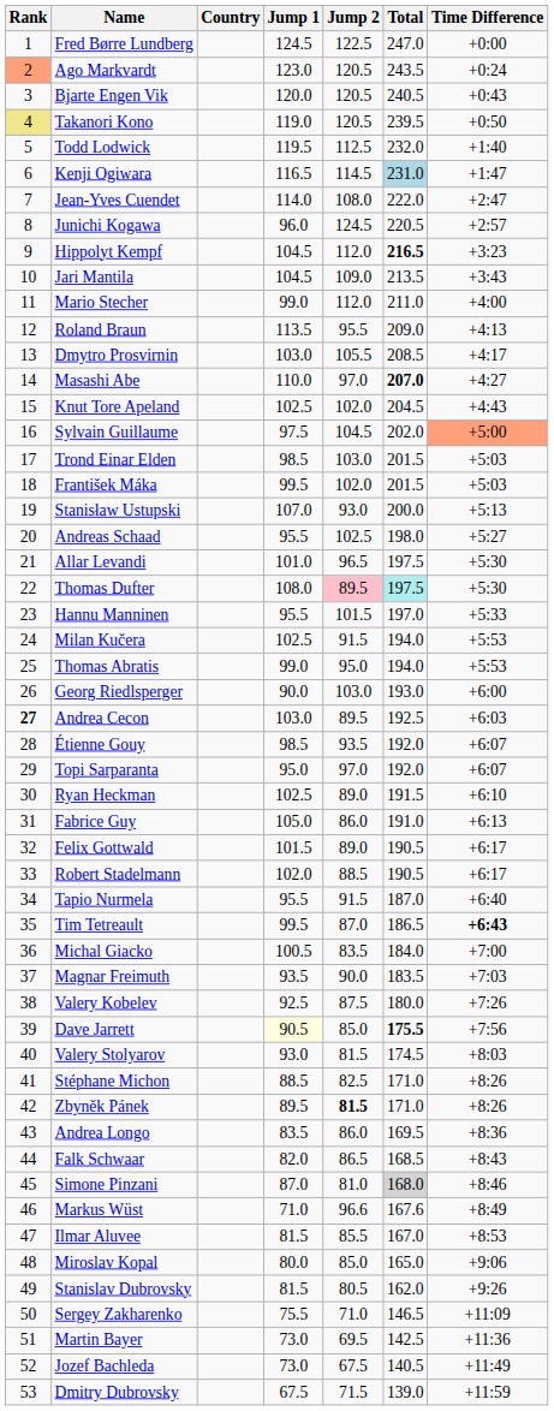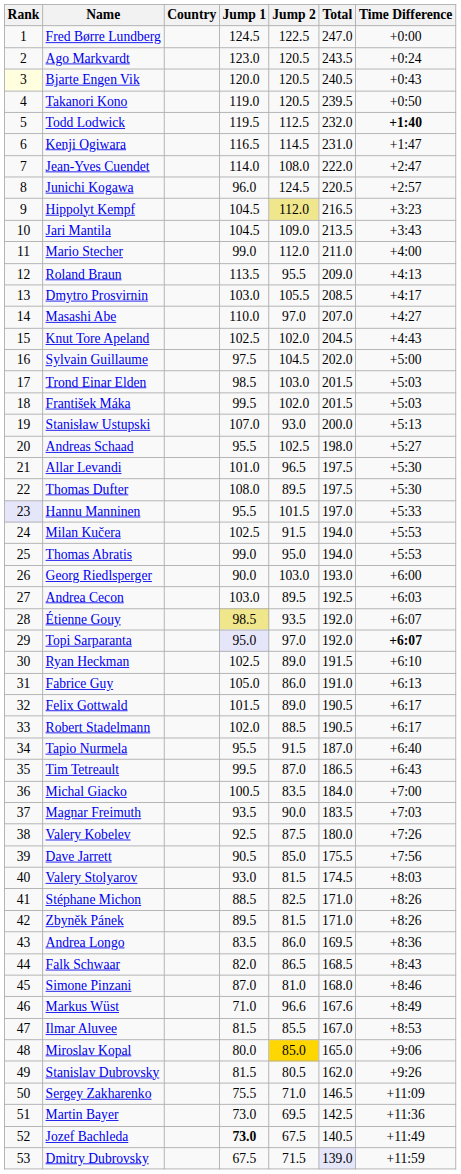 <table class="wikitable sortable" style="text-align:center">
 <tr>
 <th>Rank</th>
 <th>Name</th>
 <th>Country</th>
 <th>Jump 1</th>
 <th>Jump 2</th>
 <th>Total</th>
 <th>Time Difference</th>
 </tr>
 <tr>
 <td>1</td>
 <td align=left><a href='#'>Fred Børre Lundberg</a></td>
 <td align=left></td>
 <td>124.5</td>
 <td>122.5</td>
 <td>247.0</td>
 <td>+0:00</td>
 </tr>
 <tr>
-<td style="background: lightsalmon;">2</td>
+<td>2</td>
 <td align=left><a href='#'>Ago Markvardt</a></td>
 <td align=left></td>
 <td>123.0</td>
 <td>120.5</td>
 <td>243.5</td>
 <td>+0:24</td>
 </tr>
 <tr>
-<td>3</td>
+<td style="background: lightyellow;">3</td>
 <td align=left><a href='#'>Bjarte Engen Vik</a></td>
 <td align=left></td>
 <td>120.0</td>
 <td>120.5</td>
 <td>240.5</td>
 <td>+0:43</td>
 </tr>
 <tr>
-<td style="background: khaki;">4</td>
+<td>4</td>
 <td align=left><a href='#'>Takanori Kono</a></td>
 <td align=left></td>
 <td>119.0</td>
 <td>120.5</td>
 <td>239.5</td>
 <td>+0:50</td>
 </tr>
 <tr>
 <td>5</td>
 <td align=left><a href='#'>Todd Lodwick</a></td>
 <td align=left></td>
 <td>119.5</td>
 <td>112.5</td>
 <td>232.0</td>
-<td>+1:40</td>
+<td><strong>+1:40</strong></td>
 </tr>
 <tr>
 <td>6</td>
 <td align=left><a href='#'>Kenji Ogiwara</a></td>
 <td align=left></td>
 <td>116.5</td>
 <td>114.5</td>
-<td style="background: lightblue;">231.0</td>
+<td>231.0</td>
 <td>+1:47</td>
 </tr>
 <tr>
 <td>7</td>
 <td align=left><a href='#'>Jean-Yves Cuendet</a></td>
 <td align=left></td>
 <td>114.0</td>
 <td>108.0</td>
 <td>222.0</td>
 <td>+2:47</td>
 </tr>
 <tr>
 <td>8</td>
 <td align=left><a href='#'>Junichi Kogawa</a></td>
 <td align=left></td>
 <td>96.0</td>
 <td>124.5</td>
 <td>220.5</td>
 <td>+2:57</td>
 </tr>
 <tr>
 <td>9</td>
 <td align=left><a href='#'>Hippolyt Kempf</a></td>
 <td align=left></td>
 <td>104.5</td>
-<td>112.0</td>
-<td><strong>216.5</strong></td>
+<td style="background: khaki;">112.0</td>
+<td>216.5</td>
 <td>+3:23</td>
 </tr>
 <tr>
 <td>10</td>
 <td align=left><a href='#'>Jari Mantila</a></td>
 <td align=left></td>
 <td>104.5</td>
 <td>109.0</td>
 <td>213.5</td>
 <td>+3:43</td>
 </tr>
 <tr>
 <td>11</td>
 <td align=left><a href='#'>Mario Stecher</a></td>
 <td align=left></td>
 <td>99.0</td>
 <td>112.0</td>
 <td>211.0</td>
 <td>+4:00</td>
 </tr>
 <tr>
 <td>12</td>
 <td align=left><a href='#'>Roland Braun</a></td>
 <td align=left></td>
 <td>113.5</td>
 <td>95.5</td>
 <td>209.0</td>
 <td>+4:13</td>
 </tr>
 <tr>
 <td>13</td>
 <td align=left><a href='#'>Dmytro Prosvirnin</a></td>
 <td align=left></td>
 <td>103.0</td>
 <td>105.5</td>
 <td>208.5</td>
 <td>+4:17</td>
 </tr>
 <tr>
 <td>14</td>
 <td align=left><a href='#'>Masashi Abe</a></td>
 <td align=left></td>
 <td>110.0</td>
 <td>97.0</td>
-<td><strong>207.0</strong></td>
+<td>207.0</td>
 <td>+4:27</td>
 </tr>
 <tr>
 <td>15</td>
 <td align=left><a href='#'>Knut Tore Apeland</a></td>
 <td align=left></td>
 <td>102.5</td>
 <td>102.0</td>
 <td>204.5</td>
 <td>+4:43</td>
 </tr>
 <tr>
 <td>16</td>
 <td align=left><a href='#'>Sylvain Guillaume</a></td>
 <td align=left></td>
 <td>97.5</td>
 <td>104.5</td>
 <td>202.0</td>
-<td style="background: lightsalmon;">+5:00</td>
+<td>+5:00</td>
 </tr>
 <tr>
 <td>17</td>
 <td align=left><a href='#'>Trond Einar Elden</a></td>
 <td align=left></td>
 <td>98.5</td>
 <td>103.0</td>
 <td>201.5</td>
 <td>+5:03</td>
 </tr>
 <tr>
 <td>18</td>
 <td align=left><a href='#'>František Máka</a></td>
 <td align=left></td>
 <td>99.5</td>
 <td>102.0</td>
 <td>201.5</td>
 <td>+5:03</td>
 </tr>
 <tr>
 <td>19</td>
 <td align=left><a href='#'>Stanisław Ustupski</a></td>
 <td align=left></td>
 <td>107.0</td>
 <td>93.0</td>
 <td>200.0</td>
 <td>+5:13</td>
 </tr>
 <tr>
 <td>20</td>
 <td align=left><a href='#'>Andreas Schaad</a></td>
 <td align=left></td>
 <td>95.5</td>
 <td>102.5</td>
 <td>198.0</td>
 <td>+5:27</td>
 </tr>
 <tr>
 <td>21</td>
 <td align=left><a href='#'>Allar Levandi</a></td>
 <td align=left></td>
 <td>101.0</td>
 <td>96.5</td>
 <td>197.5</td>
 <td>+5:30</td>
 </tr>
 <tr>
 <td>22</td>
 <td align=left><a href='#'>Thomas Dufter</a></td>
 <td align=left></td>
 <td>108.0</td>
-<td style="background: pink;">89.5</td>
-<td style="background: paleturquoise;">197.5</td>
+<td>89.5</td>
+<td>197.5</td>
 <td>+5:30</td>
 </tr>
 <tr>
-<td>23</td>
+<td style="background: lavender;">23</td>
 <td align=left><a href='#'>Hannu Manninen</a></td>
 <td align=left></td>
 <td>95.5</td>
 <td>101.5</td>
 <td>197.0</td>
 <td>+5:33</td>
 </tr>
 <tr>
 <td>24</td>
 <td align=left><a href='#'>Milan Kučera</a></td>
 <td align=left></td>
 <td>102.5</td>
 <td>91.5</td>
 <td>194.0</td>
 <td>+5:53</td>
 </tr>
 <tr>
 <td>25</td>
 <td align=left><a href='#'>Thomas Abratis</a></td>
 <td align=left></td>
 <td>99.0</td>
 <td>95.0</td>
 <td>194.0</td>
 <td>+5:53</td>
 </tr>
 <tr>
 <td>26</td>
 <td align=left><a href='#'>Georg Riedlsperger</a></td>
 <td align=left></td>
 <td>90.0</td>
 <td>103.0</td>
 <td>193.0</td>
 <td>+6:00</td>
 </tr>
 <tr>
-<td><strong>27</strong></td>
+<td>27</td>
 <td align=left><a href='#'>Andrea Cecon</a></td>
 <td align=left></td>
 <td>103.0</td>
 <td>89.5</td>
 <td>192.5</td>
 <td>+6:03</td>
 </tr>
 <tr>
 <td>28</td>
 <td align=left><a href='#'>Étienne Gouy</a></td>
 <td align=left></td>
-<td>98.5</td>
+<td style="background: khaki;">98.5</td>
 <td>93.5</td>
 <td>192.0</td>
 <td>+6:07</td>
 </tr>
 <tr>
 <td>29</td>
 <td align=left><a href='#'>Topi Sarparanta</a></td>
 <td align=left></td>
-<td>95.0</td>
+<td style="background: lavender;">95.0</td>
 <td>97.0</td>
 <td>192.0</td>
-<td>+6:07</td>
+<td><strong>+6:07</strong></td>
 </tr>
 <tr>
 <td>30</td>
 <td align=left><a href='#'>Ryan Heckman</a></td>
 <td align=left></td>
 <td>102.5</td>
 <td>89.0</td>
 <td>191.5</td>
 <td>+6:10</td>
 </tr>
 <tr>
 <td>31</td>
 <td align=left><a href='#'>Fabrice Guy</a></td>
 <td align=left></td>
 <td>105.0</td>
 <td>86.0</td>
 <td>191.0</td>
 <td>+6:13</td>
 </tr>
 <tr>
 <td>32</td>
 <td align=left><a href='#'>Felix Gottwald</a></td>
 <td align=left></td>
 <td>101.5</td>
 <td>89.0</td>
 <td>190.5</td>
 <td>+6:17</td>
 </tr>
 <tr>
 <td>33</td>
 <td align=left><a href='#'>Robert Stadelmann</a></td>
 <td align=left></td>
 <td>102.0</td>
 <td>88.5</td>
 <td>190.5</td>
 <td>+6:17</td>
 </tr>
 <tr>
 <td>34</td>
 <td align=left><a href='#'>Tapio Nurmela</a></td>
 <td align=left></td>
 <td>95.5</td>
 <td>91.5</td>
 <td>187.0</td>
 <td>+6:40</td>
 </tr>
 <tr>
 <td>35</td>
 <td align=left><a href='#'>Tim Tetreault</a></td>
 <td align=left></td>
 <td>99.5</td>
 <td>87.0</td>
 <td>186.5</td>
-<td><strong>+6:43</strong></td>
+<td>+6:43</td>
 </tr>
 <tr>
 <td>36</td>
 <td align=left><a href='#'>Michal Giacko</a></td>
 <td align=left></td>
 <td>100.5</td>
 <td>83.5</td>
 <td>184.0</td>
 <td>+7:00</td>
 </tr>
 <tr>
 <td>37</td>
 <td align=left><a href='#'>Magnar Freimuth</a></td>
 <td align=left></td>
 <td>93.5</td>
 <td>90.0</td>
 <td>183.5</td>
 <td>+7:03</td>
 </tr>
 <tr>
 <td>38</td>
 <td align=left><a href='#'>Valery Kobelev</a></td>
 <td align=left></td>
 <td>92.5</td>
 <td>87.5</td>
 <td>180.0</td>
 <td>+7:26</td>
 </tr>
 <tr>
 <td>39</td>
 <td align=left><a href='#'>Dave Jarrett</a></td>
 <td align=left></td>
-<td style="background: lightyellow;">90.5</td>
+<td>90.5</td>
 <td>85.0</td>
-<td><strong>175.5</strong></td>
+<td>175.5</td>
 <td>+7:56</td>
 </tr>
 <tr>
 <td>40</td>
 <td align=left><a href='#'>Valery Stolyarov</a></td>
 <td align=left></td>
 <td>93.0</td>
 <td>81.5</td>
 <td>174.5</td>
 <td>+8:03</td>
 </tr>
 <tr>
 <td>41</td>
 <td align=left><a href='#'>Stéphane Michon</a></td>
 <td align=left></td>
 <td>88.5</td>
 <td>82.5</td>
 <td>171.0</td>
 <td>+8:26</td>
 </tr>
 <tr>
 <td>42</td>
 <td align=left><a href='#'>Zbyněk Pánek</a></td>
 <td align=left></td>
 <td>89.5</td>
-<td><strong>81.5</strong></td>
+<td>81.5</td>
 <td>171.0</td>
 <td>+8:26</td>
 </tr>
 <tr>
 <td>43</td>
 <td align=left><a href='#'>Andrea Longo</a></td>
 <td align=left></td>
 <td>83.5</td>
 <td>86.0</td>
 <td>169.5</td>
 <td>+8:36</td>
 </tr>
 <tr>
 <td>44</td>
 <td align=left><a href='#'>Falk Schwaar</a></td>
 <td align=left></td>
 <td>82.0</td>
 <td>86.5</td>
 <td>168.5</td>
 <td>+8:43</td>
 </tr>
 <tr>
 <td>45</td>
 <td align=left><a href='#'>Simone Pinzani</a></td>
 <td align=left></td>
 <td>87.0</td>
 <td>81.0</td>
-<td style="background: lightgrey;">168.0</td>
+<td>168.0</td>
 <td>+8:46</td>
 </tr>
 <tr>
 <td>46</td>
 <td align=left><a href='#'>Markus Wüst</a></td>
 <td align=left></td>
 <td>71.0</td>
 <td>96.6</td>
 <td>167.6</td>
 <td>+8:49</td>
 </tr>
 <tr>
 <td>47</td>
 <td align=left><a href='#'>Ilmar Aluvee</a></td>
 <td align=left></td>
 <td>81.5</td>
 <td>85.5</td>
 <td>167.0</td>
 <td>+8:53</td>
 </tr>
 <tr>
 <td>48</td>
 <td align=left><a href='#'>Miroslav Kopal</a></td>
 <td align=left></td>
 <td>80.0</td>
-<td>85.0</td>
+<td style="background: gold;">85.0</td>
 <td>165.0</td>
 <td>+9:06</td>
 </tr>
 <tr>
 <td>49</td>
 <td align=left><a href='#'>Stanislav Dubrovsky</a></td>
 <td align=left></td>
 <td>81.5</td>
 <td>80.5</td>
 <td>162.0</td>
 <td>+9:26</td>
 </tr>
 <tr>
 <td>50</td>
 <td align=left><a href='#'>Sergey Zakharenko</a></td>
 <td align=left></td>
 <td>75.5</td>
 <td>71.0</td>
 <td>146.5</td>
 <td>+11:09</td>
 </tr>
 <tr>
 <td>51</td>
 <td align=left><a href='#'>Martin Bayer</a></td>
 <td align=left></td>
 <td>73.0</td>
 <td>69.5</td>
 <td>142.5</td>
 <td>+11:36</td>
 </tr>
 <tr>
 <td>52</td>
 <td align=left><a href='#'>Jozef Bachleda</a></td>
 <td align=left></td>
-<td>73.0</td>
+<td><strong>73.0</strong></td>
 <td>67.5</td>
 <td>140.5</td>
 <td>+11:49</td>
 </tr>
 <tr>
 <td>53</td>
 <td align=left><a href='#'>Dmitry Dubrovsky</a></td>
 <td align=left></td>
 <td>67.5</td>
 <td>71.5</td>
-<td>139.0</td>
+<td style="background: lavender;">139.0</td>
 <td>+11:59</td>
 </tr>
 </table>
